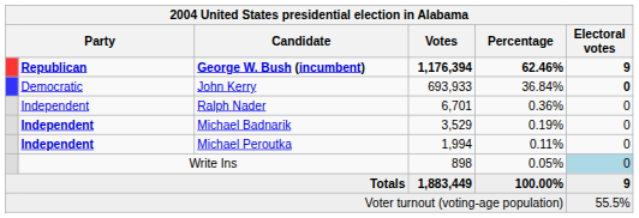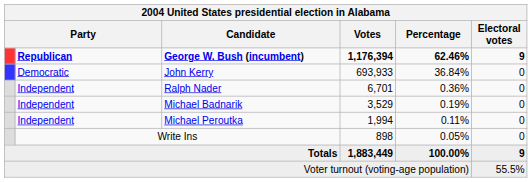 <table class="wikitable" style="font-size: 95%;">
 <tr>
 <th colspan="6">2004 United States presidential election in Alabama</th>
 </tr>
 <tr>
 <th colspan="2" style="width: 15em">Party</th>
 <th style="width: 17em">Candidate</th>
 <th style="width: 5em">Votes</th>
 <th style="width: 7em">Percentage</th>
 <th style="width: 5em">Electoral votes</th>
 </tr>
 <tr>
 <th style="background:#f33; width:3px;"></th>
 <td style="width: 130px"><strong><a href='#'>Republican</a></strong></td>
 <td><strong><a href='#'>George W. Bush</a></strong> <strong>(<a href='#'>incumbent</a>)</strong></td>
 <td style="text-align:right;"><strong>1,176,394</strong></td>
 <td style="text-align:right;"><strong>62.46%</strong></td>
 <td style="text-align:right;"><strong>9</strong></td>
 </tr>
 <tr>
 <th style="background:#33f; width:3px;"></th>
 <td style="width: 130px"><a href='#'>Democratic</a></td>
 <td><a href='#'>John Kerry</a></td>
 <td style="text-align:right;">693,933</td>
 <td style="text-align:right;">36.84%</td>
-<td style="text-align:right;"><strong>0</strong></td>
+<td style="text-align:right;">0</td>
 </tr>
 <tr>
 <th style="background:#ddd; width:3px;"></th>
 <td style="width: 130px"><a href='#'>Independent</a></td>
 <td><a href='#'>Ralph Nader</a></td>
 <td style="text-align:right;">6,701</td>
 <td style="text-align:right;">0.36%</td>
 <td style="text-align:right;">0</td>
 </tr>
 <tr>
 <th style="background:#ddd; width:3px;"></th>
-<td style="width: 130px"><strong><a href='#'>Independent</a></strong></td>
+<td style="width: 130px"><a href='#'>Independent</a></td>
 <td><a href='#'>Michael Badnarik</a></td>
 <td style="text-align:right;">3,529</td>
 <td style="text-align:right;">0.19%</td>
 <td style="text-align:right;">0</td>
 </tr>
 <tr>
 <th style="background:#ddd; width:3px;"></th>
-<td style="width: 130px"><strong><a href='#'>Independent</a></strong></td>
+<td style="width: 130px"><a href='#'>Independent</a></td>
 <td><a href='#'>Michael Peroutka</a></td>
 <td style="text-align:right;">1,994</td>
 <td style="text-align:right;">0.11%</td>
 <td style="text-align:right;">0</td>
 </tr>
 <tr>
 <th style="background:#ddd; width:3px;"></th>
 <td colspan="2" style="text-align:center;">Write Ins</td>
 <td style="text-align:right;">898</td>
 <td style="text-align:right;">0.05%</td>
-<td style="background: lightblue; text-align:right;">0</td>
+<td style="text-align:right;">0</td>
 </tr>
 <tr style="background:#eee; text-align:right;">
 <td colspan="3"><strong>Totals</strong></td>
 <td><strong>1,883,449</strong></td>
 <td><strong>100.00%</strong></td>
 <td><strong>9</strong></td>
 </tr>
 <tr style="background:#eee; text-align:right;">
 <td colspan="5">Voter turnout (voting-age population)</td>
 <td>55.5%</td>
 </tr>
 </table>
